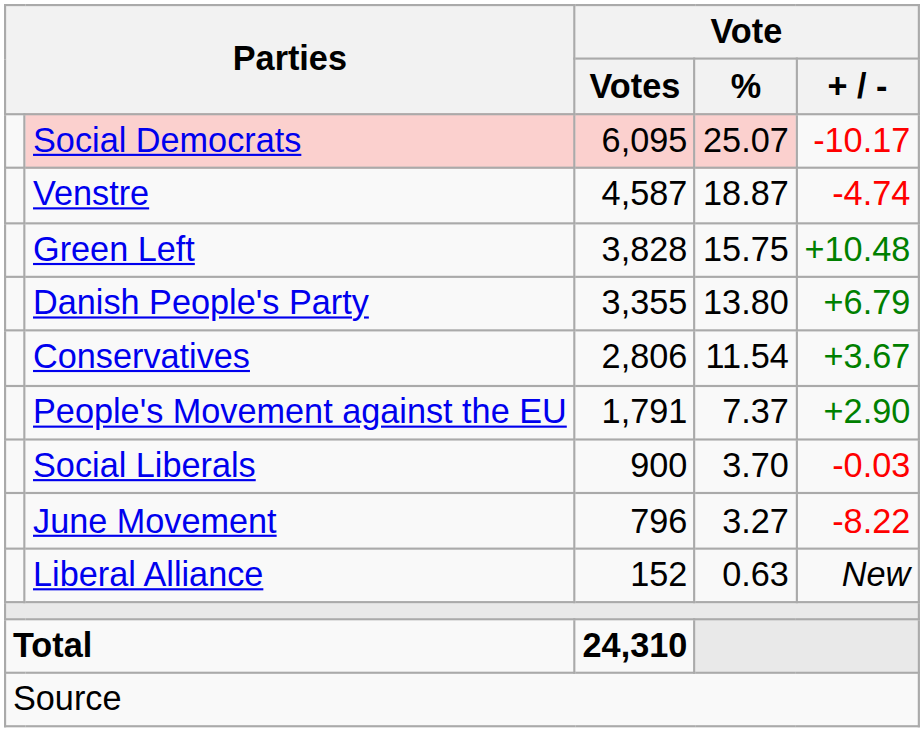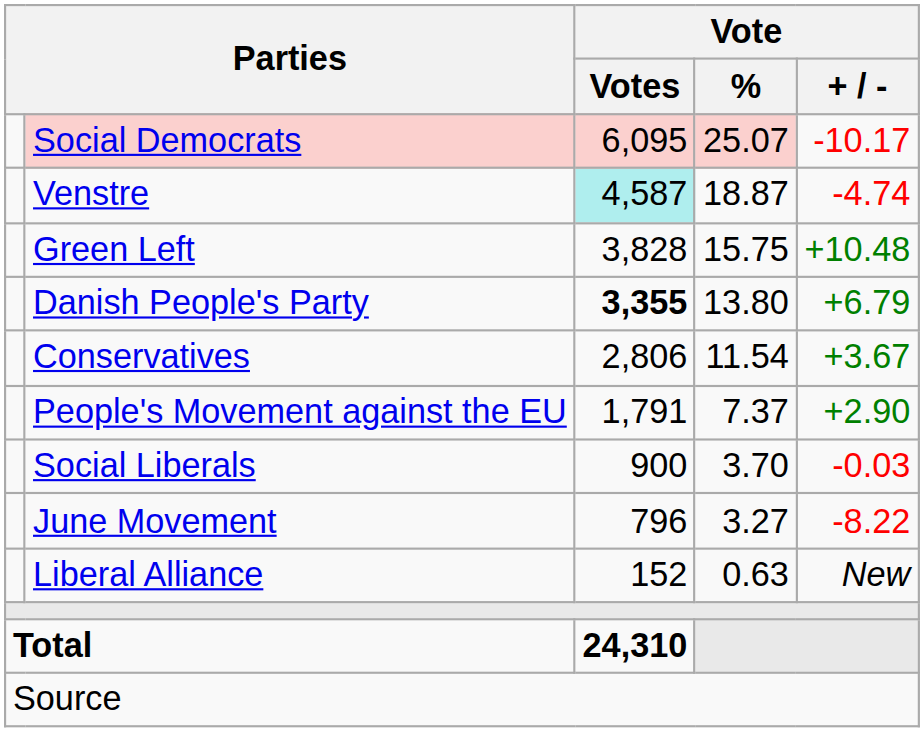 <table class="wikitable" style="text-align:right;">
 <tr>
 <th style="text-align:centre;" rowspan="2" colspan="2" width="225">Parties</th>
 <th colspan="3">Vote</th>
 </tr>
 <tr>
 <th width="15">Votes</th>
 <th width="15">%</th>
 <th width="15">+ / -</th>
 </tr>
 <tr>
 <td width="2" style="color:inherit;background:"></td>
 <td bgcolor=#fbd0ce   align="left"><a href='#'>Social Democrats</a></td>
 <td bgcolor=#fbd0ce>6,095</td>
 <td bgcolor=#fbd0ce>25.07</td>
 <td style=color:red;>-10.17</td>
 </tr>
 <tr>
 <td width="2" style="color:inherit;background:"></td>
 <td align="left"><a href='#'>Venstre</a></td>
-<td>4,587</td>
+<td style="background: paleturquoise;">4,587</td>
 <td>18.87</td>
 <td style=color:red;>-4.74</td>
 </tr>
 <tr>
 <td width="2" style="color:inherit;background:"></td>
 <td align="left"><a href='#'>Green Left</a></td>
 <td>3,828</td>
 <td>15.75</td>
 <td style=color:green;>+10.48</td>
 </tr>
 <tr>
 <td width="2" style="color:inherit;background:"></td>
 <td align="left"><a href='#'>Danish People's Party</a></td>
-<td>3,355</td>
+<td><strong>3,355</strong></td>
 <td>13.80</td>
 <td style=color:green;>+6.79</td>
 </tr>
 <tr>
 <td width="2" style="color:inherit;background:"></td>
 <td align="left"><a href='#'>Conservatives</a></td>
 <td>2,806</td>
 <td>11.54</td>
 <td style=color:green;>+3.67</td>
 </tr>
 <tr>
 <td width="2" style="color:inherit;background:"></td>
 <td align="left"><a href='#'>People's Movement against the EU</a></td>
 <td>1,791</td>
 <td>7.37</td>
 <td style=color:green;>+2.90</td>
 </tr>
 <tr>
 <td width="2" style="color:inherit;background:"></td>
 <td align="left"><a href='#'>Social Liberals</a></td>
 <td>900</td>
 <td>3.70</td>
 <td style=color:red;>-0.03</td>
 </tr>
 <tr>
 <td width="2" style="color:inherit;background:"></td>
 <td align="left"><a href='#'>June Movement</a></td>
 <td>796</td>
 <td>3.27</td>
 <td style=color:red;>-8.22</td>
 </tr>
 <tr>
 <td width="2" style="color:inherit;background:"></td>
 <td align="left"><a href='#'>Liberal Alliance</a></td>
 <td>152</td>
 <td>0.63</td>
 <td><em>New</em></td>
 </tr>
 <tr>
 <td colspan="7" bgcolor="#E9E9E9"></td>
 </tr>
 <tr>
 <td align="left" colspan="2"><strong>Total</strong></td>
 <td><strong>24,310</strong></td>
 <td bgcolor="#E9E9E9" colspan="2"></td>
 </tr>
 <tr>
 <td align="left" colspan="6">Source</td>
 </tr>
 </table>
